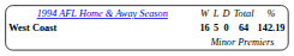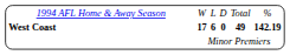 <table style="margin-right:4px; margin-top:8px; float:right; border:1px #000 solid; border-radius:8px; background:#fff; font-family:Verdana; font-size:8pt; text-align:center;">
 <tr>
 <td width=200><em><a href='#'>1994 AFL Home & Away Season</a></em></td>
 <td><em>W</em></td>
 <td><em>L</em></td>
 <td><em>D</em></td>
 <td><em>Total</em></td>
 <td><em>%</em></td>
 </tr>
 <tr>
 <td style="text-align:left"><strong>West Coast</strong></td>
-<td><strong>16</strong></td>
-<td><strong>5</strong></td>
+<td><strong>17</strong></td>
+<td><strong>6</strong></td>
 <td><strong>0</strong></td>
-<td><strong>64</strong></td>
+<td><strong>49</strong></td>
 <td><strong>142.19</strong></td>
 </tr>
 <tr>
 <td></td>
 <td colspan=9><em>Minor Premiers</em></td>
 </tr>
 </table>
